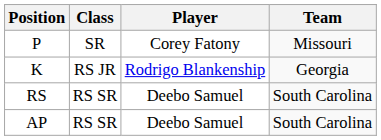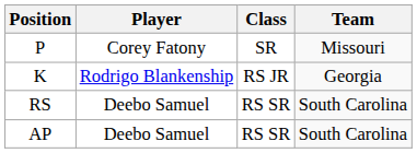 <table class="wikitable sortable">
 <tr>
 <th>Position</th>
+<th>Player</th>
 <th>Class</th>
-<th>Player</th>
 <th>Team</th>
 </tr>
 <tr style="text-align:center;">
 <td style="background:white">P</td>
+<td style="background:white">Corey Fatony</td>
 <td style="background:white">SR</td>
-<td style="background:white">Corey Fatony</td>
 <td>Missouri</td>
 </tr>
 <tr style="text-align:center;">
 <td style="background:white">K</td>
+<td style="background:white"><a href='#'>Rodrigo Blankenship</a></td>
 <td style="background:white">RS JR</td>
-<td style="background:white"><a href='#'>Rodrigo Blankenship</a></td>
 <td>Georgia</td>
 </tr>
 <tr style="text-align:center;">
 <td style="background:white">RS</td>
+<td style="background:white">Deebo Samuel</td>
 <td style="background:white">RS SR</td>
-<td style="background:white">Deebo Samuel</td>
 <td>South Carolina</td>
 </tr>
 <tr style="text-align:center;">
 <td style="background:white">AP</td>
+<td style="background:white">Deebo Samuel</td>
 <td style="background:white">RS SR</td>
-<td style="background:white">Deebo Samuel</td>
 <td>South Carolina</td>
 </tr>
 </table>
